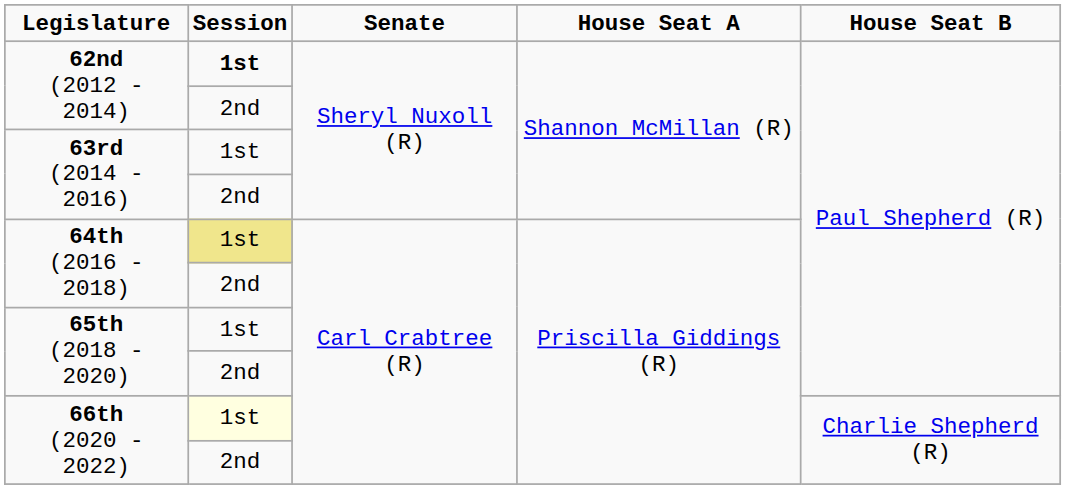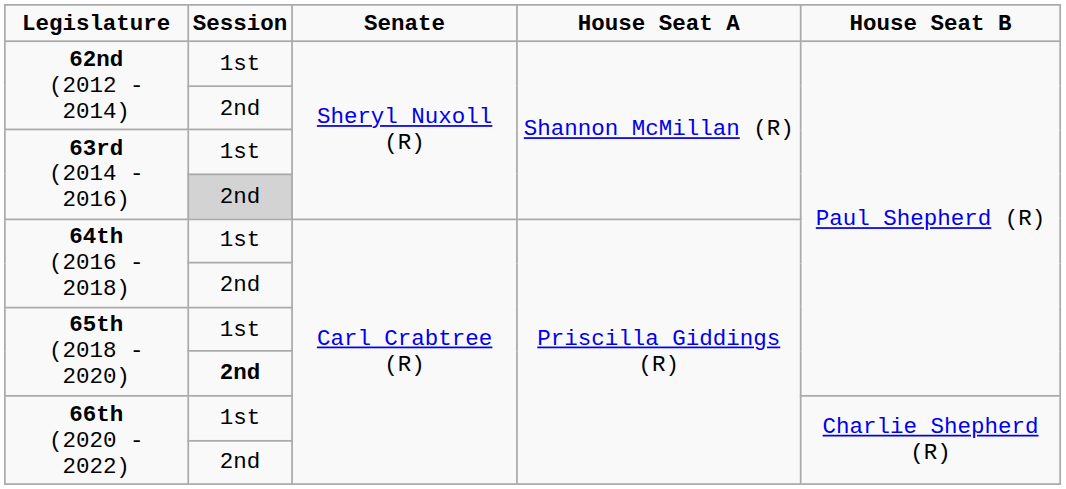 <table class=wikitable style="text-align:center">
 <tr>
 <td><strong>Legislature</strong></td>
 <td><strong>Session</strong></td>
 <td><strong>Senate</strong></td>
 <td><strong>House Seat A</strong></td>
 <td><strong>House Seat B</strong></td>
 </tr>
 <tr>
 <td rowspan="2" colspan="1" style="text-align: center;"><strong>62nd</strong> <br> (2012 - 2014)</td>
-<td><strong>1st</strong></td>
+<td>1st</td>
 <td rowspan="4" colspan="1" style="text-align: center;" ><a href='#'>Sheryl Nuxoll</a> (R)</td>
 <td rowspan="4" colspan="1" style="text-align: center;" ><a href='#'>Shannon McMillan</a> (R)</td>
 <td rowspan="8" colspan="1" style="text-align: center;" ><a href='#'>Paul Shepherd</a> (R)</td>
 </tr>
 <tr>
 <td>2nd</td>
 </tr>
 <tr>
 <td rowspan="2" colspan="1" style="text-align: center;"><strong>63rd</strong> <br> (2014 - 2016)</td>
 <td>1st</td>
 </tr>
 <tr>
-<td>2nd</td>
+<td style="background: lightgrey;">2nd</td>
 </tr>
 <tr>
 <td rowspan="2" colspan="1" style="text-align: center;"><strong>64th</strong> <br> (2016 - 2018)</td>
-<td style="background: khaki;">1st</td>
+<td>1st</td>
 <td rowspan="6" colspan="1" style="text-align: center;" ><a href='#'>Carl Crabtree</a> (R)</td>
 <td rowspan="6" colspan="1" style="text-align: center;" ><a href='#'>Priscilla Giddings</a> (R)</td>
 </tr>
 <tr>
 <td>2nd</td>
 </tr>
 <tr>
 <td rowspan="2" colspan="1" style="text-align: center;"><strong>65th</strong> <br> (2018 - 2020)</td>
 <td>1st</td>
 </tr>
 <tr>
-<td>2nd</td>
+<td><strong>2nd</strong></td>
 </tr>
 <tr>
 <td rowspan="2" colspan="1" style="text-align: center;"><strong>66th</strong> <br> (2020 - 2022)</td>
-<td style="background: lightyellow;">1st</td>
+<td>1st</td>
 <td rowspan="2" colspan="1" style="text-align: center;" ><a href='#'>Charlie Shepherd</a> (R)</td>
 </tr>
 <tr>
 <td>2nd</td>
 </tr>
 </table>
